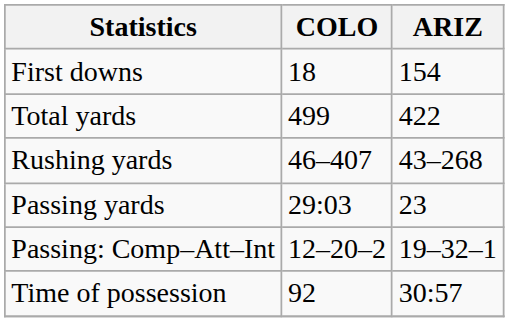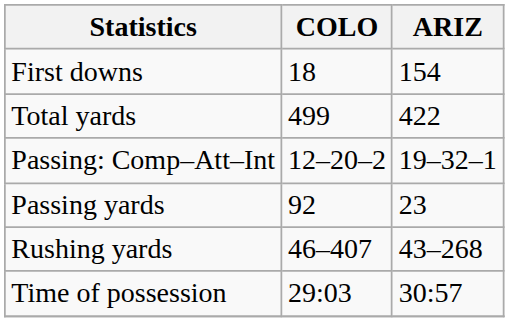 <table class="wikitable" style="float: left;">
 <tr>
 <th>Statistics</th>
 <th>COLO</th>
 <th>ARIZ</th>
 </tr>
 <tr>
 <td>First downs</td>
 <td>18</td>
 <td>154</td>
 </tr>
 <tr>
 <td>Total yards</td>
 <td>499</td>
 <td>422</td>
 </tr>
 <tr>
+<td>Passing: Comp–Att–Int</td>
+<td>12–20–2</td>
+<td>19–32–1</td>
+</tr>
+<tr>
+<td>Passing yards</td>
+<td>92</td>
+<td>23</td>
+</tr>
+<tr>
 <td>Rushing yards</td>
 <td>46–407</td>
 <td>43–268</td>
 </tr>
 <tr>
-<td>Passing yards</td>
+<td>Time of possession</td>
 <td>29:03</td>
-<td>23</td>
-</tr>
-<tr>
-<td>Passing: Comp–Att–Int</td>
-<td>12–20–2</td>
-<td>19–32–1</td>
-</tr>
-<tr>
-<td>Time of possession</td>
-<td>92</td>
 <td>30:57</td>
 </tr>
 <tr>
 </tr>
 </table>
